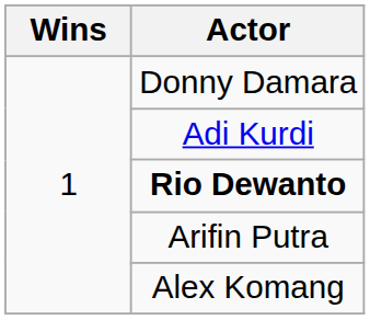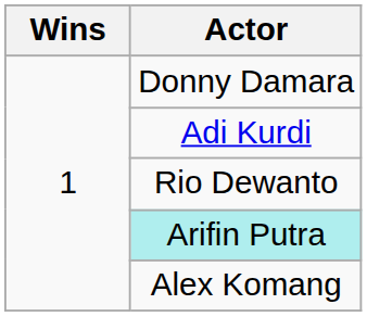 <table class="wikitable" style="text-align:center;">
 <tr>
 <th scope="col" width="55">Wins</th>
 <th scope="col" align="center">Actor</th>
 </tr>
 <tr>
 <td rowspan="5">1</td>
 <td>Donny Damara</td>
 </tr>
 <tr>
 <td><a href='#'>Adi Kurdi</a></td>
 </tr>
 <tr>
-<td><strong>Rio Dewanto</strong></td>
+<td>Rio Dewanto</td>
 </tr>
 <tr>
-<td>Arifin Putra</td>
+<td style="background: paleturquoise;">Arifin Putra</td>
 </tr>
 <tr>
 <td>Alex Komang</td>
 </tr>
 </table>
